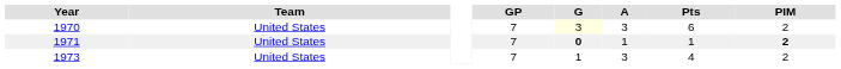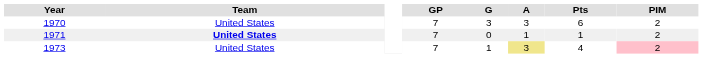 <table border="0" cellpadding="1" cellspacing="0" style="text-align:center; width:70em">
 <tr ALIGN="center" bgcolor="#e0e0e0">
 <th>Year</th>
 <th>Team</th>
 <th ALIGN="center" rowspan="99" bgcolor="#ffffff"> </th>
 <th>GP</th>
 <th>G</th>
 <th>A</th>
 <th>Pts</th>
 <th>PIM</th>
 </tr>
 <tr ALIGN="center">
 <td><a href='#'>1970</a></td>
 <td><a href='#'>United States</a></td>
 <td>7</td>
-<td style="background: lightyellow;">3</td>
+<td>3</td>
 <td>3</td>
 <td>6</td>
 <td>2</td>
 </tr>
 <tr bgcolor=f0f0f0>
 <td><a href='#'>1971</a></td>
-<td><a href='#'>United States</a></td>
+<td><strong><a href='#'>United States</a></strong></td>
 <td>7</td>
-<td><strong>0</strong></td>
+<td>0</td>
 <td>1</td>
 <td>1</td>
-<td><strong>2</strong></td>
+<td>2</td>
 </tr>
 <tr>
 <td><a href='#'>1973</a></td>
 <td><a href='#'>United States</a></td>
 <td>7</td>
 <td>1</td>
-<td>3</td>
+<td style="background: khaki;">3</td>
 <td>4</td>
-<td>2</td>
+<td style="background: pink;">2</td>
 </tr>
 <tr>
 </tr>
 </table>
